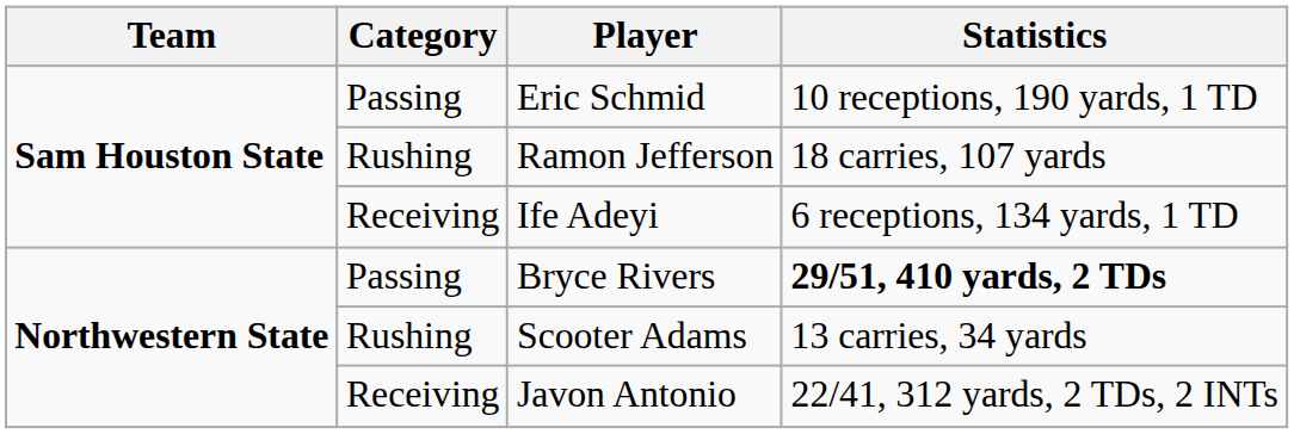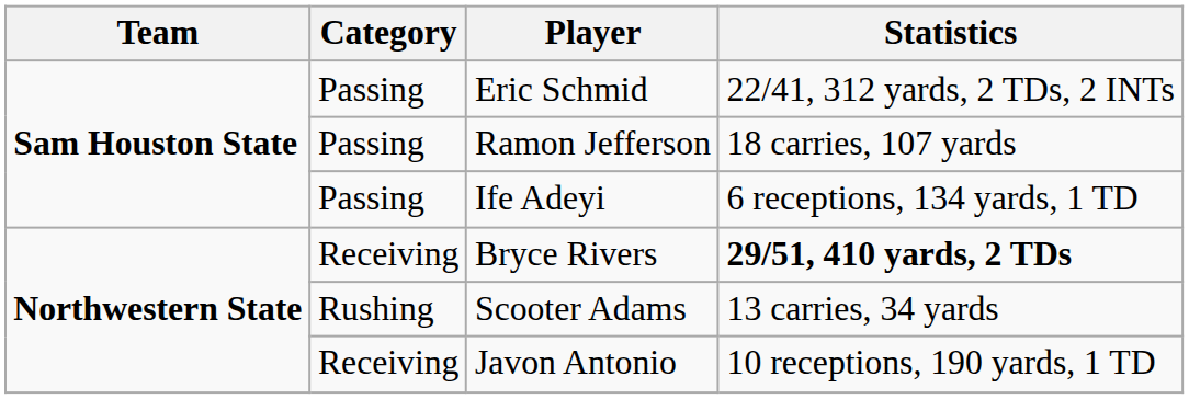 <table class="wikitable" style="float: left;">
 <tr>
 <th>Team</th>
 <th>Category</th>
 <th>Player</th>
 <th>Statistics</th>
 </tr>
 <tr>
 <td rowspan=3><strong>Sam Houston State</strong></td>
 <td>Passing</td>
 <td>Eric Schmid</td>
-<td>10 receptions, 190 yards, 1 TD</td>
+<td>22/41, 312 yards, 2 TDs, 2 INTs</td>
 </tr>
 <tr>
-<td>Rushing</td>
+<td>Passing</td>
 <td>Ramon Jefferson</td>
 <td>18 carries, 107 yards</td>
 </tr>
 <tr>
-<td>Receiving</td>
+<td>Passing</td>
 <td>Ife Adeyi</td>
 <td>6 receptions, 134 yards, 1 TD</td>
 </tr>
 <tr>
 <td rowspan=3><strong>Northwestern State</strong></td>
-<td>Passing</td>
+<td>Receiving</td>
 <td>Bryce Rivers</td>
 <td><strong>29/51, 410 yards, 2 TDs</strong></td>
 </tr>
 <tr>
 <td>Rushing</td>
 <td>Scooter Adams</td>
 <td>13 carries, 34 yards</td>
 </tr>
 <tr>
 <td>Receiving</td>
 <td>Javon Antonio</td>
-<td>22/41, 312 yards, 2 TDs, 2 INTs</td>
+<td>10 receptions, 190 yards, 1 TD</td>
 </tr>
 </table>
